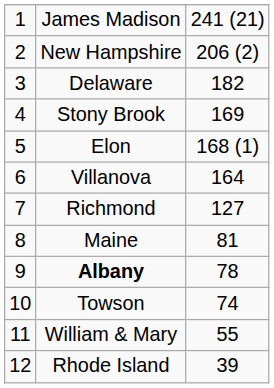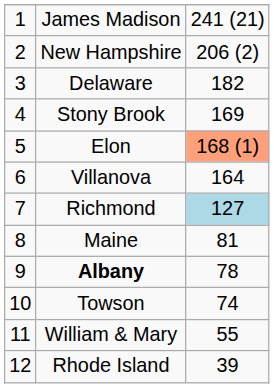 <table class="wikitable">
 <tr align="center">
 </tr>
 <tr align="center">
 <td>1</td>
 <td>James Madison</td>
 <td>241 (21)</td>
 </tr>
 <tr align="center">
 <td>2</td>
 <td>New Hampshire</td>
 <td>206 (2)</td>
 </tr>
 <tr align="center">
 <td>3</td>
 <td>Delaware</td>
 <td>182</td>
 </tr>
 <tr align="center">
 <td>4</td>
 <td>Stony Brook</td>
 <td>169</td>
 </tr>
 <tr align="center">
 <td>5</td>
 <td>Elon</td>
-<td>168 (1)</td>
+<td style="background: lightsalmon;">168 (1)</td>
 </tr>
 <tr align="center">
 <td>6</td>
 <td>Villanova</td>
 <td>164</td>
 </tr>
 <tr align="center">
 <td>7</td>
 <td>Richmond</td>
-<td>127</td>
+<td style="background: lightblue;">127</td>
 </tr>
 <tr align="center">
 <td>8</td>
 <td>Maine</td>
 <td>81</td>
 </tr>
 <tr align="center">
 <td>9</td>
 <td><strong>Albany</strong></td>
 <td>78</td>
 </tr>
 <tr align="center">
 <td>10</td>
 <td>Towson</td>
 <td>74</td>
 </tr>
 <tr align="center">
 <td>11</td>
 <td>William & Mary</td>
 <td>55</td>
 </tr>
 <tr align="center">
 <td>12</td>
 <td>Rhode Island</td>
 <td>39</td>
 </tr>
 </table>
